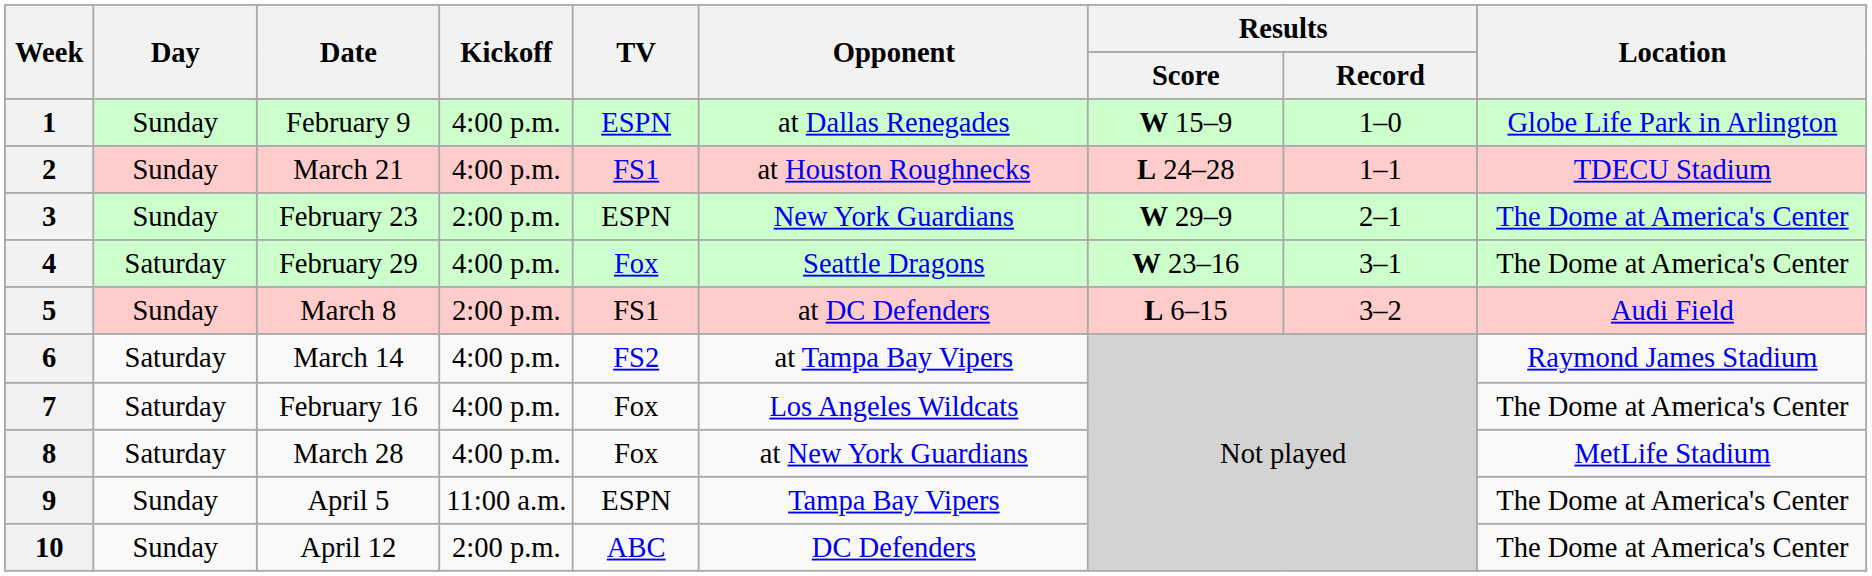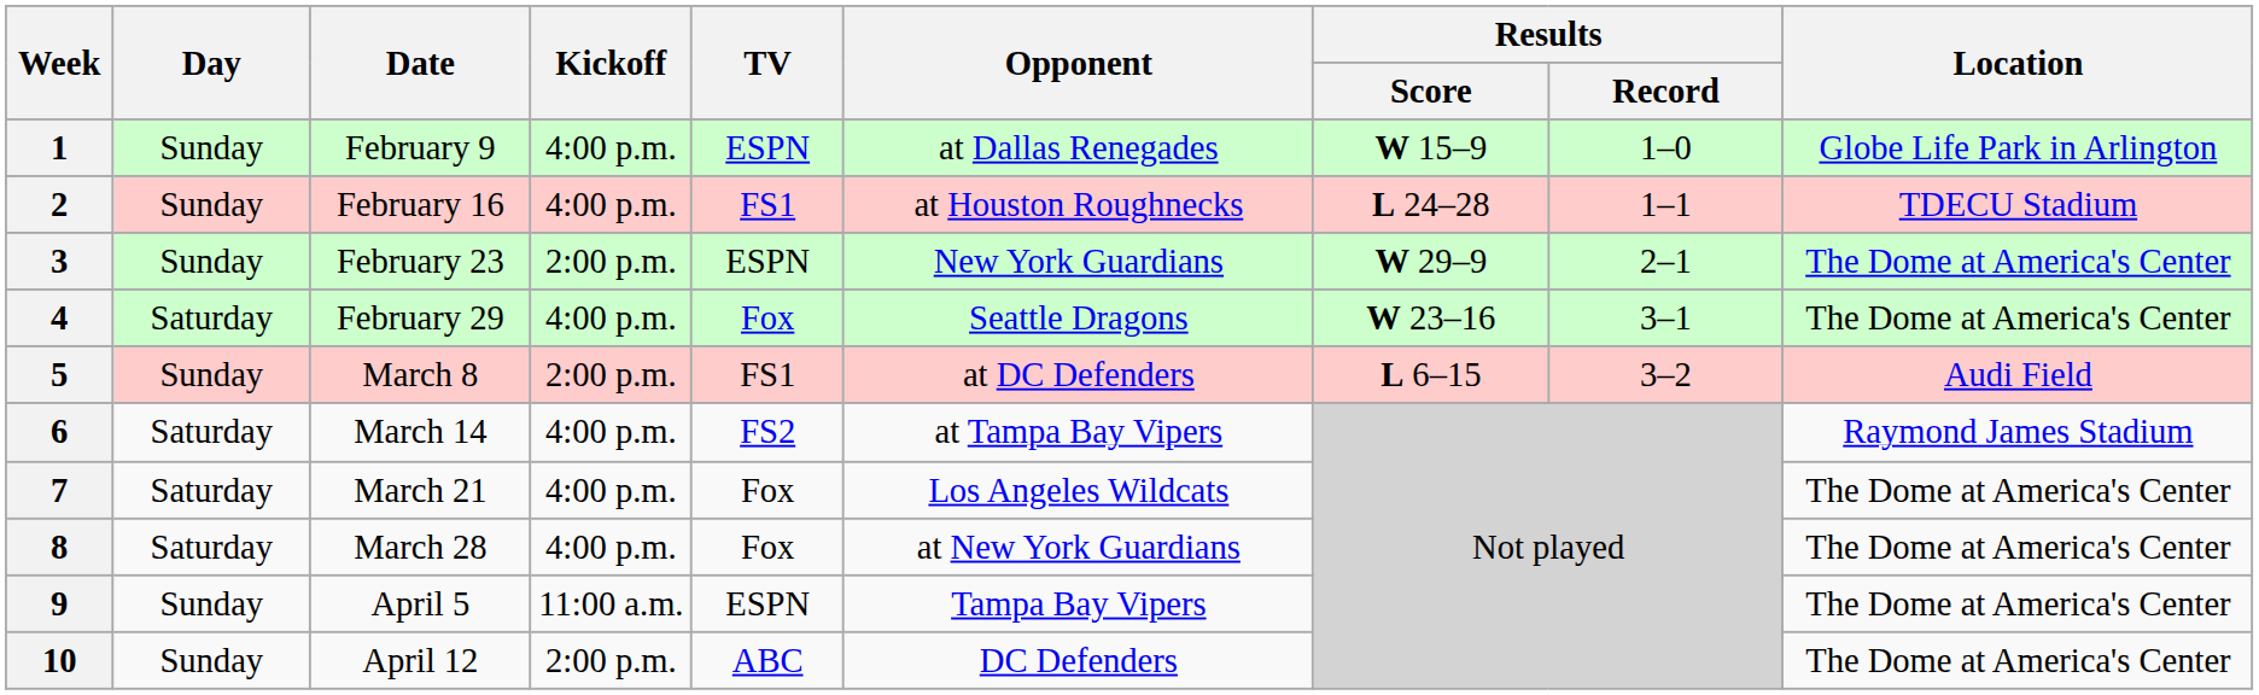 <table class="wikitable" style="text-align:center; font-size: 95%;">
 <tr>
 <th rowspan="2" width="40">Week</th>
 <th rowspan="2" width="80">Day</th>
 <th rowspan="2" width="90">Date</th>
 <th rowspan="2" width="60">Kickoff</th>
 <th rowspan="2" width="60">TV</th>
 <th rowspan="2" width="200">Opponent</th>
 <th colspan="2" width="200">Results</th>
 <th rowspan="2" width="200">Location</th>
 </tr>
 <tr>
 <th width="60">Score</th>
 <th width="60">Record</th>
 </tr>
 <tr bgcolor=#ccffcc>
 <th>1</th>
 <td>Sunday</td>
 <td>February 9</td>
 <td>4:00 p.m.</td>
 <td><a href='#'>ESPN</a></td>
 <td>at <a href='#'>Dallas Renegades</a></td>
 <td><strong>W</strong> 15–9</td>
 <td>1–0</td>
 <td><a href='#'>Globe Life Park in Arlington</a></td>
 </tr>
 <tr bgcolor=#ffcccc>
 <th>2</th>
 <td>Sunday</td>
-<td>March 21</td>
+<td>February 16</td>
 <td>4:00 p.m.</td>
 <td><a href='#'>FS1</a></td>
 <td>at <a href='#'>Houston Roughnecks</a></td>
 <td><strong>L</strong> 24–28</td>
 <td>1–1</td>
 <td><a href='#'>TDECU Stadium</a></td>
 </tr>
 <tr bgcolor=#ccffcc>
 <th>3</th>
 <td>Sunday</td>
 <td>February 23</td>
 <td>2:00 p.m.</td>
 <td>ESPN</td>
 <td><a href='#'>New York Guardians</a></td>
 <td><strong>W</strong> 29–9</td>
 <td>2–1</td>
 <td><a href='#'>The Dome at America's Center</a></td>
 </tr>
 <tr bgcolor=#ccffcc>
 <th>4</th>
 <td>Saturday</td>
 <td>February 29</td>
 <td>4:00 p.m.</td>
 <td><a href='#'>Fox</a></td>
 <td><a href='#'>Seattle Dragons</a></td>
 <td><strong>W</strong> 23–16</td>
 <td>3–1</td>
 <td>The Dome at America's Center</td>
 </tr>
 <tr bgcolor=#ffcccc>
 <th>5</th>
 <td>Sunday</td>
 <td>March 8</td>
 <td>2:00 p.m.</td>
 <td>FS1</td>
 <td>at <a href='#'>DC Defenders</a></td>
 <td><strong>L</strong> 6–15</td>
 <td>3–2</td>
 <td><a href='#'>Audi Field</a></td>
 </tr>
 <tr bgcolor=>
 <th>6</th>
 <td>Saturday</td>
 <td>March 14</td>
 <td>4:00 p.m.</td>
 <td><a href='#'>FS2</a></td>
 <td>at <a href='#'>Tampa Bay Vipers</a></td>
 <td colspan=2 rowspan=5 bgcolor=lightgrey>Not played</td>
 <td><a href='#'>Raymond James Stadium</a></td>
 </tr>
 <tr bgcolor=>
 <th>7</th>
 <td>Saturday</td>
-<td>February 16</td>
+<td>March 21</td>
 <td>4:00 p.m.</td>
 <td>Fox</td>
 <td><a href='#'>Los Angeles Wildcats</a></td>
 <td>The Dome at America's Center</td>
 </tr>
 <tr bgcolor=>
 <th>8</th>
 <td>Saturday</td>
 <td>March 28</td>
 <td>4:00 p.m.</td>
 <td>Fox</td>
 <td>at <a href='#'>New York Guardians</a></td>
-<td><a href='#'>MetLife Stadium</a></td>
+<td>The Dome at America's Center</td>
 </tr>
 <tr bgcolor=>
 <th>9</th>
 <td>Sunday</td>
 <td>April 5</td>
 <td>11:00 a.m.</td>
 <td>ESPN</td>
 <td><a href='#'>Tampa Bay Vipers</a></td>
 <td>The Dome at America's Center</td>
 </tr>
 <tr bgcolor=>
 <th>10</th>
 <td>Sunday</td>
 <td>April 12</td>
 <td>2:00 p.m.</td>
 <td><a href='#'>ABC</a></td>
 <td><a href='#'>DC Defenders</a></td>
 <td>The Dome at America's Center</td>
 </tr>
 </table>
